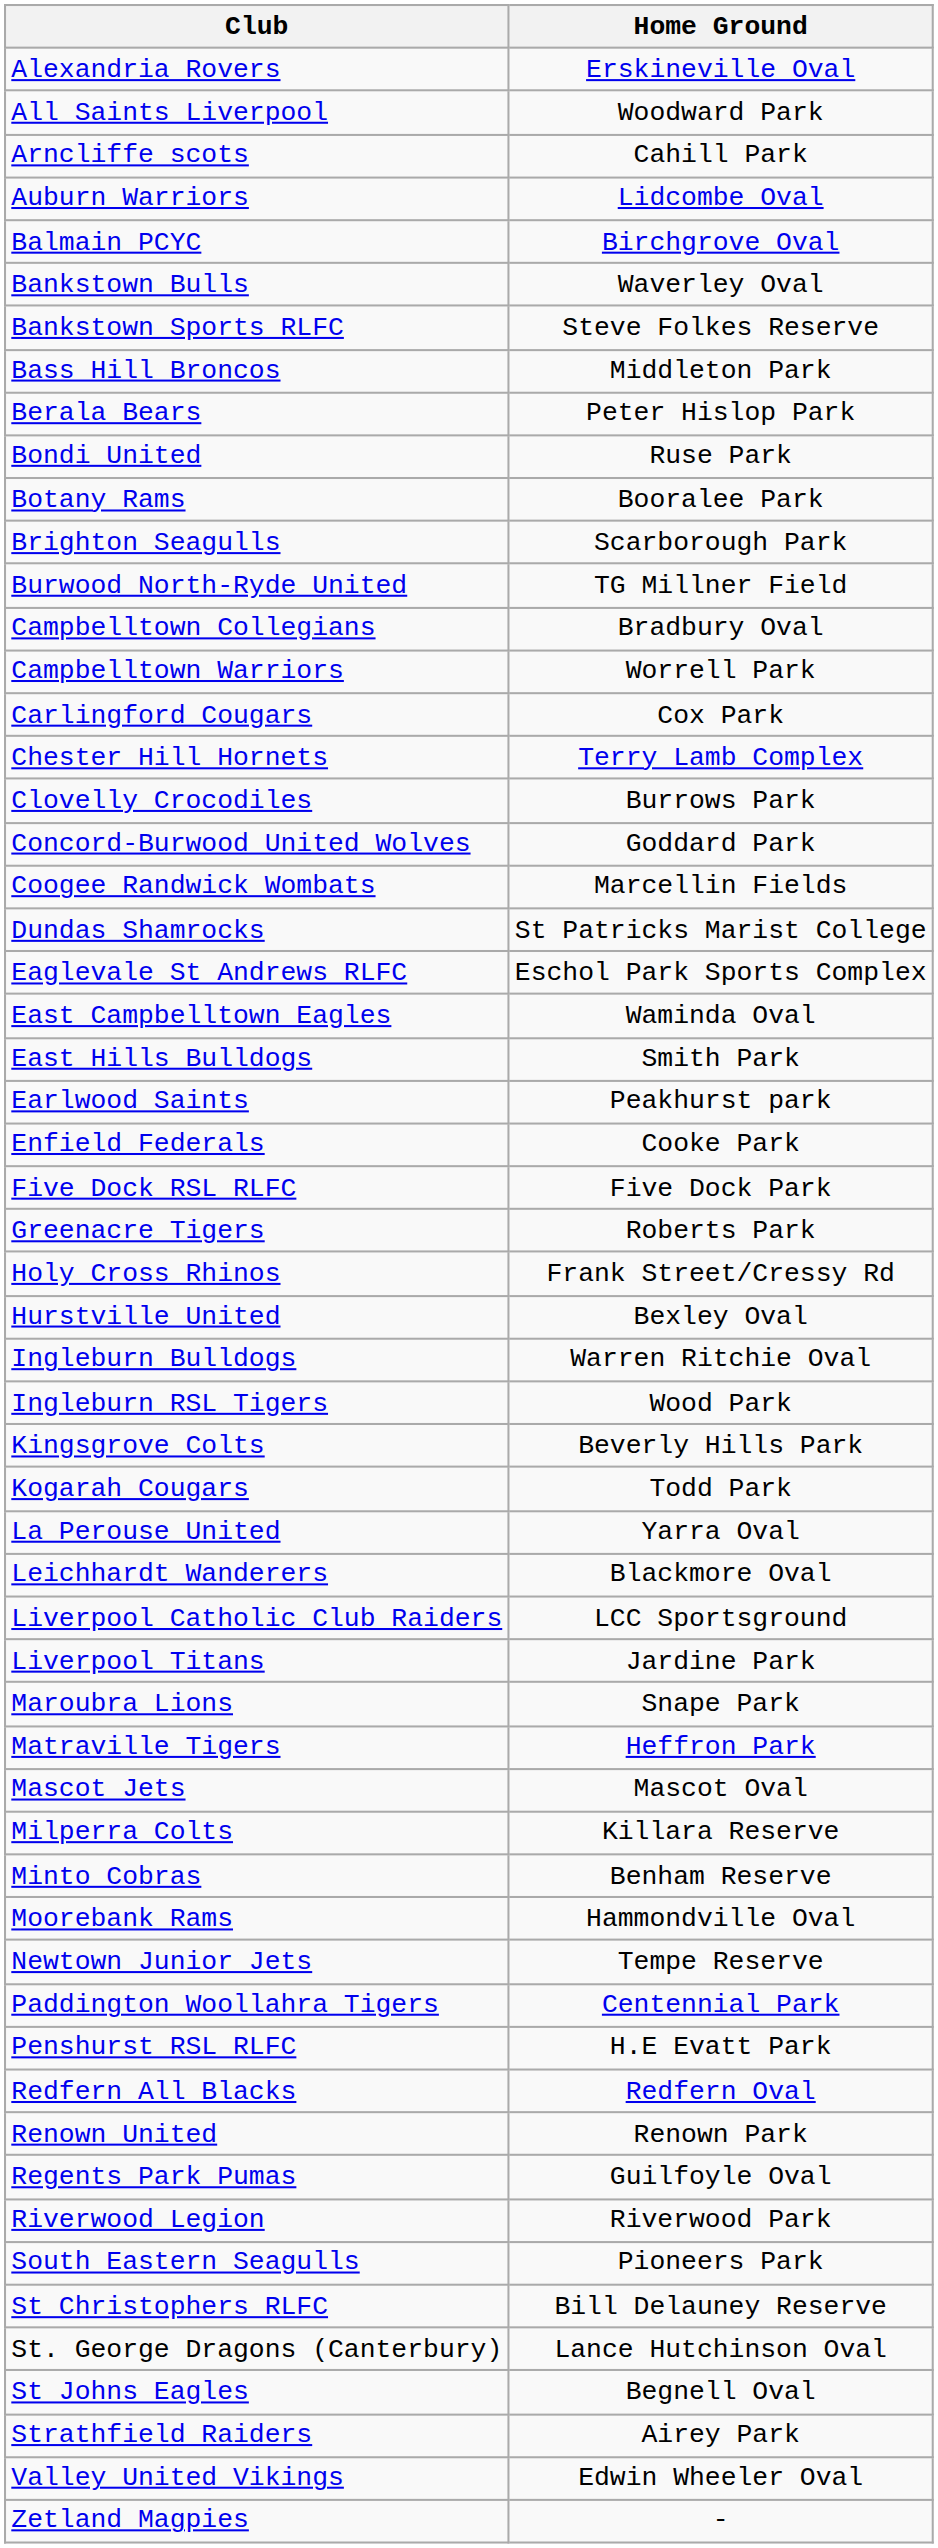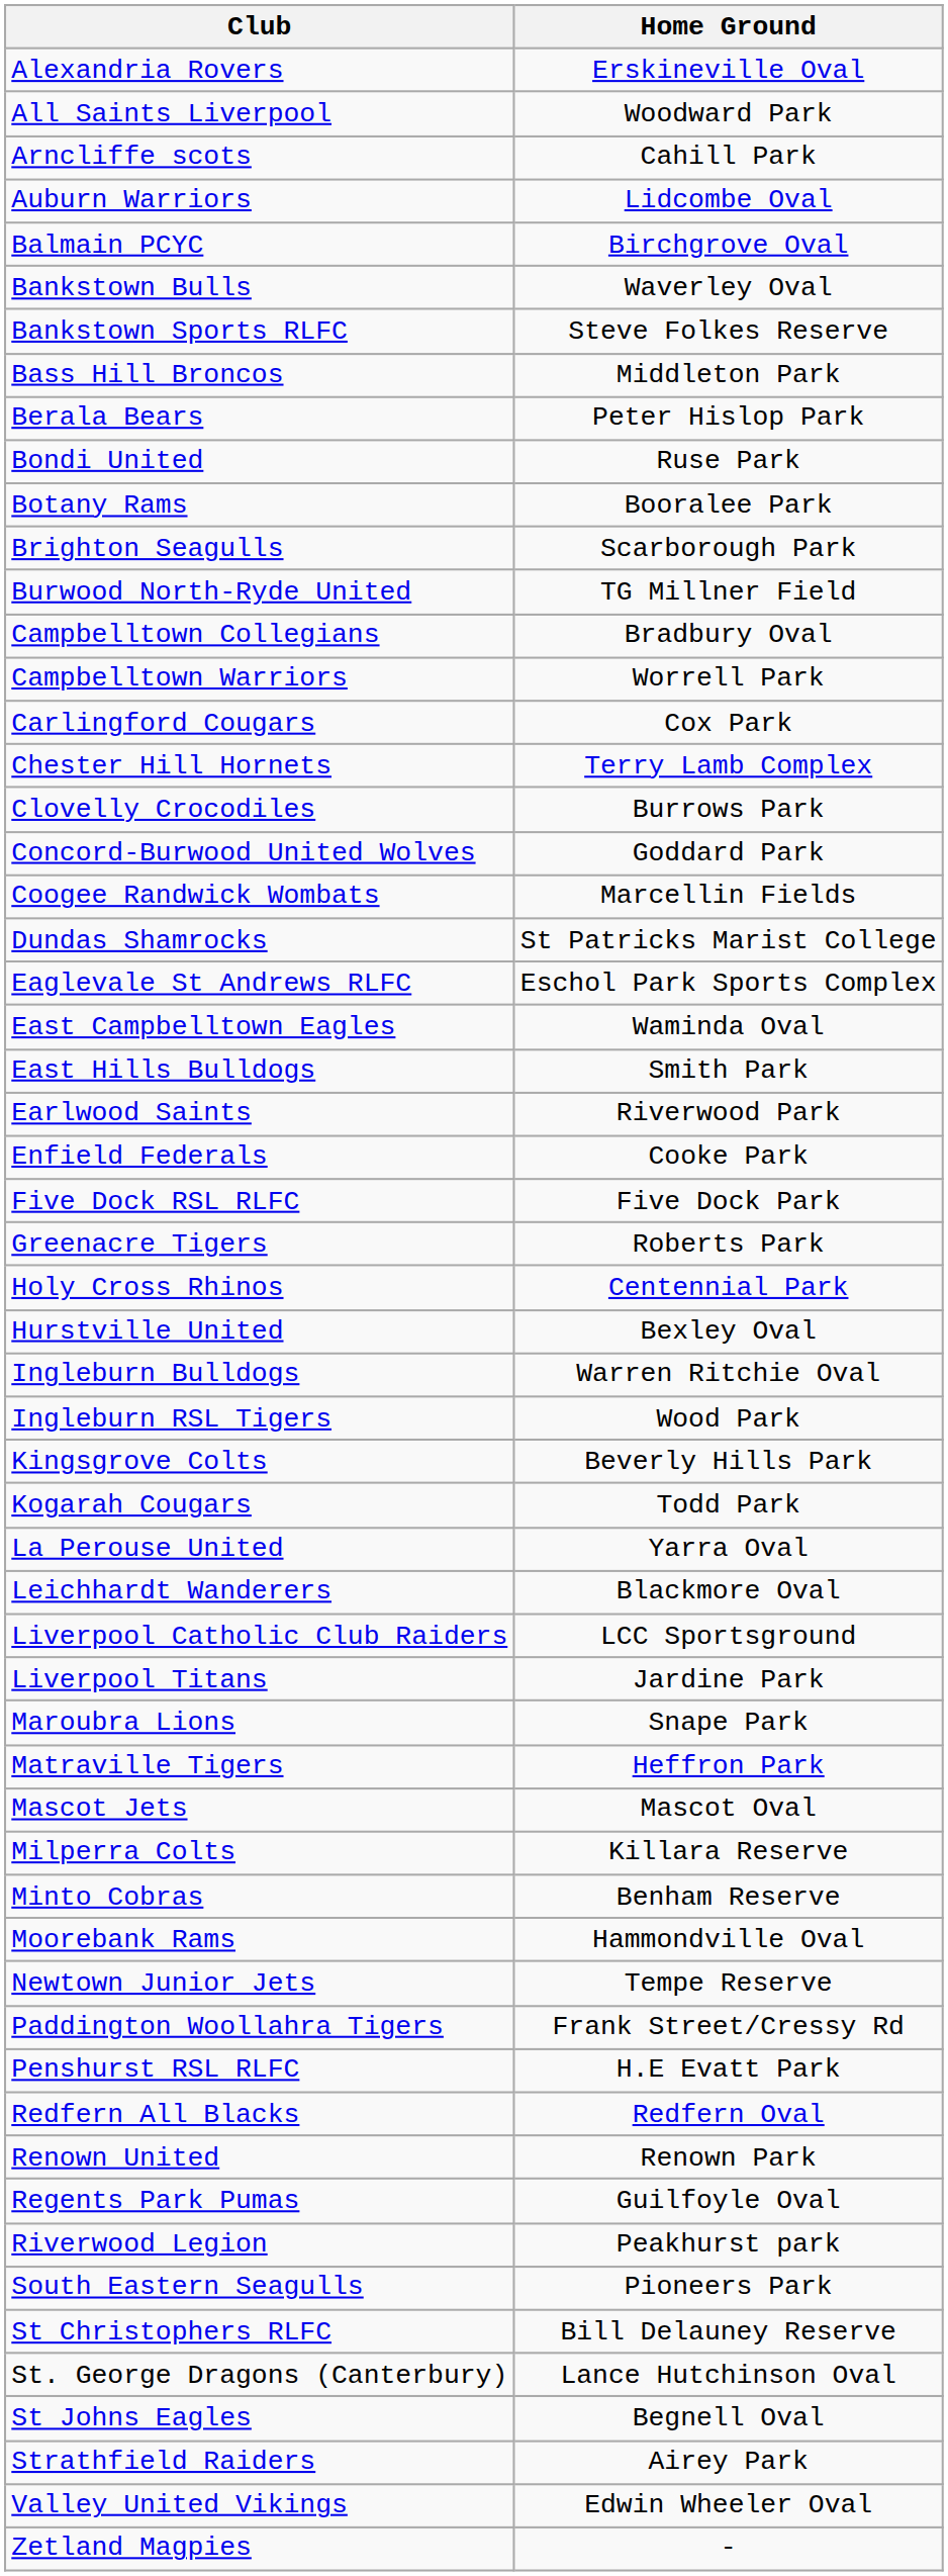 <table class="wikitable" style="text-align:center;">
 <tr>
 <th>Club<br></th>
 <th>Home Ground<br></th>
 </tr>
 <tr>
 <td style="text-align:left;"><a href='#'>Alexandria Rovers</a></td>
 <td><a href='#'>Erskineville Oval</a></td>
 </tr>
 <tr>
 <td style="text-align:left;"><a href='#'>All Saints Liverpool</a></td>
 <td>Woodward Park</td>
 </tr>
 <tr>
 <td style="text-align:left;"><a href='#'>Arncliffe scots</a></td>
 <td>Cahill Park</td>
 </tr>
 <tr>
 <td style="text-align:left;"><a href='#'>Auburn Warriors</a></td>
 <td><a href='#'>Lidcombe Oval</a></td>
 </tr>
 <tr>
 <td style="text-align:left;"><a href='#'>Balmain PCYC</a></td>
 <td><a href='#'>Birchgrove Oval</a></td>
 </tr>
 <tr>
 <td style="text-align:left;"><a href='#'>Bankstown Bulls</a></td>
 <td>Waverley Oval</td>
 </tr>
 <tr>
 <td style="text-align:left;"><a href='#'>Bankstown Sports RLFC</a></td>
 <td>Steve Folkes Reserve</td>
 </tr>
 <tr>
 <td style="text-align:left;"><a href='#'>Bass Hill Broncos</a></td>
 <td>Middleton Park</td>
 </tr>
 <tr>
 <td style="text-align:left;"><a href='#'>Berala Bears</a></td>
 <td>Peter Hislop Park</td>
 </tr>
 <tr>
 <td style="text-align:left;"><a href='#'>Bondi United</a></td>
 <td>Ruse Park</td>
 </tr>
 <tr>
 <td style="text-align:left;"><a href='#'>Botany Rams</a></td>
 <td>Booralee Park</td>
 </tr>
 <tr>
 <td style="text-align:left;"><a href='#'>Brighton Seagulls</a></td>
 <td>Scarborough Park</td>
 </tr>
 <tr>
 <td style="text-align:left;"><a href='#'>Burwood North-Ryde United</a></td>
 <td>TG Millner Field</td>
 </tr>
 <tr>
 <td style="text-align:left;"><a href='#'>Campbelltown Collegians</a></td>
 <td>Bradbury Oval</td>
 </tr>
 <tr>
 <td style="text-align:left;"><a href='#'>Campbelltown Warriors</a></td>
 <td>Worrell Park</td>
 </tr>
 <tr>
 <td style="text-align:left;"><a href='#'>Carlingford Cougars</a></td>
 <td>Cox Park</td>
 </tr>
 <tr>
 <td style="text-align:left;"><a href='#'>Chester Hill Hornets</a></td>
 <td><a href='#'>Terry Lamb Complex</a></td>
 </tr>
 <tr>
 <td style="text-align:left;"><a href='#'>Clovelly Crocodiles</a></td>
 <td>Burrows Park</td>
 </tr>
 <tr>
 <td style="text-align:left;"><a href='#'>Concord-Burwood United Wolves</a></td>
 <td>Goddard Park</td>
 </tr>
 <tr>
 <td style="text-align:left;"><a href='#'>Coogee Randwick Wombats</a></td>
 <td>Marcellin Fields</td>
 </tr>
 <tr>
 <td style="text-align:left;"><a href='#'>Dundas Shamrocks</a></td>
 <td>St Patricks Marist College</td>
 </tr>
 <tr>
 <td style="text-align:left;"><a href='#'>Eaglevale St Andrews RLFC</a></td>
 <td>Eschol Park Sports Complex</td>
 </tr>
 <tr>
 <td style="text-align:left;"><a href='#'>East Campbelltown Eagles</a></td>
 <td>Waminda Oval</td>
 </tr>
 <tr>
 <td style="text-align:left;"><a href='#'>East Hills Bulldogs</a></td>
 <td>Smith Park</td>
 </tr>
 <tr>
 <td style="text-align:left;"><a href='#'>Earlwood Saints</a></td>
-<td>Peakhurst park</td>
+<td>Riverwood Park</td>
 </tr>
 <tr>
 <td style="text-align:left;"><a href='#'>Enfield Federals</a></td>
 <td>Cooke Park</td>
 </tr>
 <tr>
 <td style="text-align:left;"><a href='#'>Five Dock RSL RLFC</a></td>
 <td>Five Dock Park</td>
 </tr>
 <tr>
 <td style="text-align:left;"><a href='#'>Greenacre Tigers</a></td>
 <td>Roberts Park</td>
 </tr>
 <tr>
 <td style="text-align:left;"><a href='#'>Holy Cross Rhinos</a></td>
-<td>Frank Street/Cressy Rd</td>
+<td><a href='#'>Centennial Park</a></td>
 </tr>
 <tr>
 <td style="text-align:left;"><a href='#'>Hurstville United</a></td>
 <td>Bexley Oval</td>
 </tr>
 <tr>
 <td style="text-align:left;"><a href='#'>Ingleburn Bulldogs</a></td>
 <td>Warren Ritchie Oval</td>
 </tr>
 <tr>
 <td style="text-align:left;"><a href='#'>Ingleburn RSL Tigers</a></td>
 <td>Wood Park</td>
 </tr>
 <tr>
 <td style="text-align:left;"><a href='#'>Kingsgrove Colts</a></td>
 <td>Beverly Hills Park</td>
 </tr>
 <tr>
 <td style="text-align:left;"><a href='#'>Kogarah Cougars</a></td>
 <td>Todd Park</td>
 </tr>
 <tr>
 <td style="text-align:left;"><a href='#'>La Perouse United</a></td>
 <td>Yarra Oval</td>
 </tr>
 <tr>
 <td style="text-align:left;"><a href='#'>Leichhardt Wanderers</a></td>
 <td>Blackmore Oval</td>
 </tr>
 <tr>
 <td style="text-align:left;"><a href='#'>Liverpool Catholic Club Raiders</a></td>
 <td>LCC Sportsground</td>
 </tr>
 <tr>
 <td style="text-align:left;"><a href='#'>Liverpool Titans</a></td>
 <td>Jardine Park</td>
 </tr>
 <tr>
 <td style="text-align:left;"><a href='#'>Maroubra Lions</a></td>
 <td>Snape Park</td>
 </tr>
 <tr>
 <td style="text-align:left;"><a href='#'>Matraville Tigers</a></td>
 <td><a href='#'>Heffron Park</a></td>
 </tr>
 <tr>
 <td style="text-align:left;"><a href='#'>Mascot Jets</a></td>
 <td>Mascot Oval</td>
 </tr>
 <tr>
 <td style="text-align:left;"><a href='#'>Milperra Colts</a></td>
 <td>Killara Reserve</td>
 </tr>
 <tr>
 <td style="text-align:left;"><a href='#'>Minto Cobras</a></td>
 <td>Benham Reserve</td>
 </tr>
 <tr>
 <td style="text-align:left;"><a href='#'>Moorebank Rams</a></td>
 <td>Hammondville Oval</td>
 </tr>
 <tr>
 <td style="text-align:left;"><a href='#'>Newtown Junior Jets</a></td>
 <td>Tempe Reserve</td>
 </tr>
 <tr>
 <td style="text-align:left;"><a href='#'>Paddington Woollahra Tigers</a></td>
-<td><a href='#'>Centennial Park</a></td>
+<td>Frank Street/Cressy Rd</td>
 </tr>
 <tr>
 <td style="text-align:left;"><a href='#'>Penshurst RSL RLFC</a></td>
 <td>H.E Evatt Park</td>
 </tr>
 <tr>
 <td style="text-align:left;"><a href='#'>Redfern All Blacks</a></td>
 <td><a href='#'>Redfern Oval</a></td>
 </tr>
 <tr>
 <td style="text-align:left;"><a href='#'>Renown United</a></td>
 <td>Renown Park</td>
 </tr>
 <tr>
 <td style="text-align:left;"><a href='#'>Regents Park Pumas</a></td>
 <td>Guilfoyle Oval</td>
 </tr>
 <tr>
 <td style="text-align:left;"><a href='#'>Riverwood Legion</a></td>
-<td>Riverwood Park</td>
+<td>Peakhurst park</td>
 </tr>
 <tr>
 <td style="text-align:left;"><a href='#'>South Eastern Seagulls</a></td>
 <td>Pioneers Park</td>
 </tr>
 <tr>
 <td style="text-align:left;"><a href='#'>St Christophers RLFC</a></td>
 <td>Bill Delauney Reserve</td>
 </tr>
 <tr>
 <td style="text-align:left;">St. George Dragons (Canterbury)</td>
 <td>Lance Hutchinson Oval</td>
 </tr>
 <tr>
 <td style="text-align:left;"><a href='#'>St Johns Eagles</a></td>
 <td>Begnell Oval</td>
 </tr>
 <tr>
 <td style="text-align:left;"><a href='#'>Strathfield Raiders</a></td>
 <td>Airey Park</td>
 </tr>
 <tr>
 <td style="text-align:left;"><a href='#'>Valley United Vikings</a></td>
 <td>Edwin Wheeler Oval</td>
 </tr>
 <tr>
 <td style="text-align:left;"><a href='#'>Zetland Magpies</a></td>
 <td>-</td>
 </tr>
 </table>
